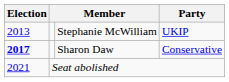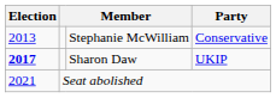 <table class="wikitable">
 <tr>
 <th>Election</th>
 <th colspan="2">Member</th>
 <th>Party</th>
 </tr>
 <tr>
 <td><a href='#'>2013</a></td>
 <td rowspan="1" style="background-color: "></td>
 <td rowspan="1">Stephanie McWilliam</td>
-<td rowspan="1"><a href='#'>UKIP</a></td>
+<td rowspan="1"><a href='#'>Conservative</a></td>
 </tr>
 <tr>
 <td><strong><a href='#'>2017</a></strong></td>
 <td rowspan="1" style="background-color: "></td>
 <td rowspan="1">Sharon Daw</td>
-<td rowspan="1"><a href='#'>Conservative</a></td>
+<td rowspan="1"><a href='#'>UKIP</a></td>
 </tr>
 <tr>
 <td><a href='#'>2021</a></td>
 <td colspan="3"><em>Seat abolished</em></td>
 </tr>
 </table>
